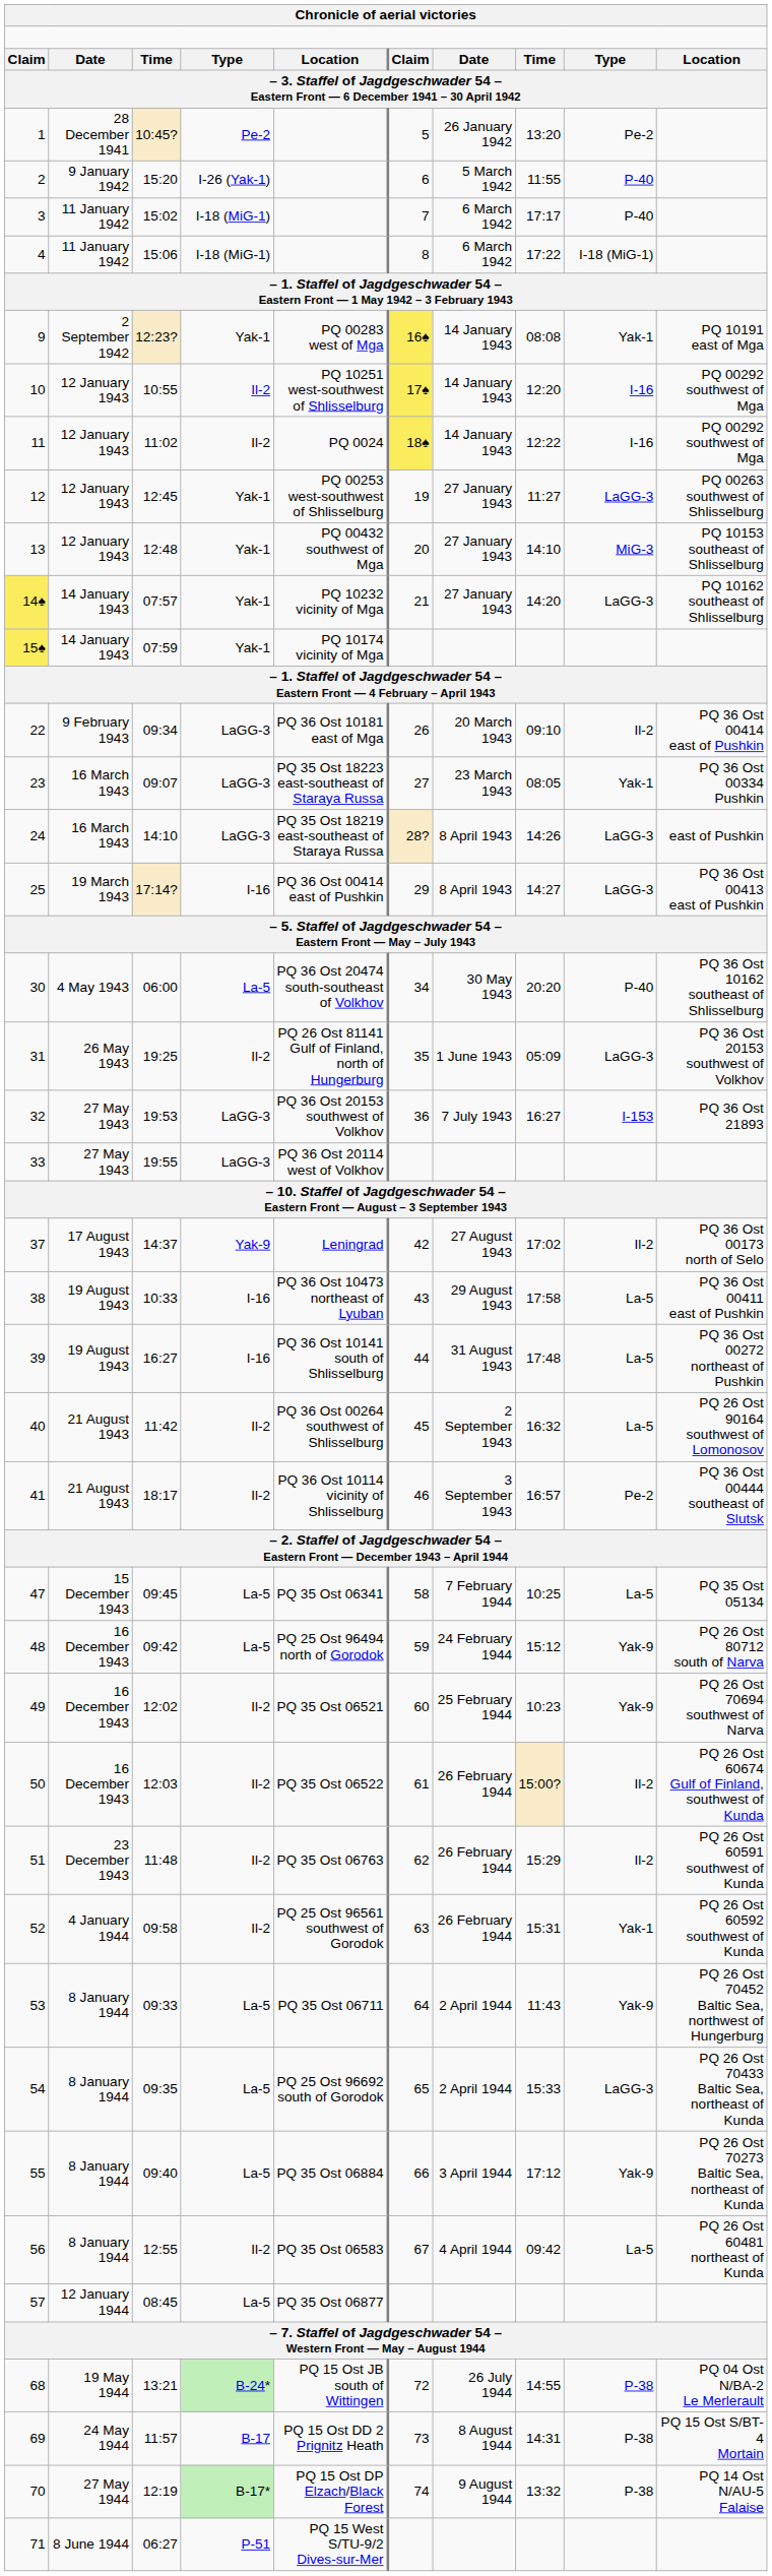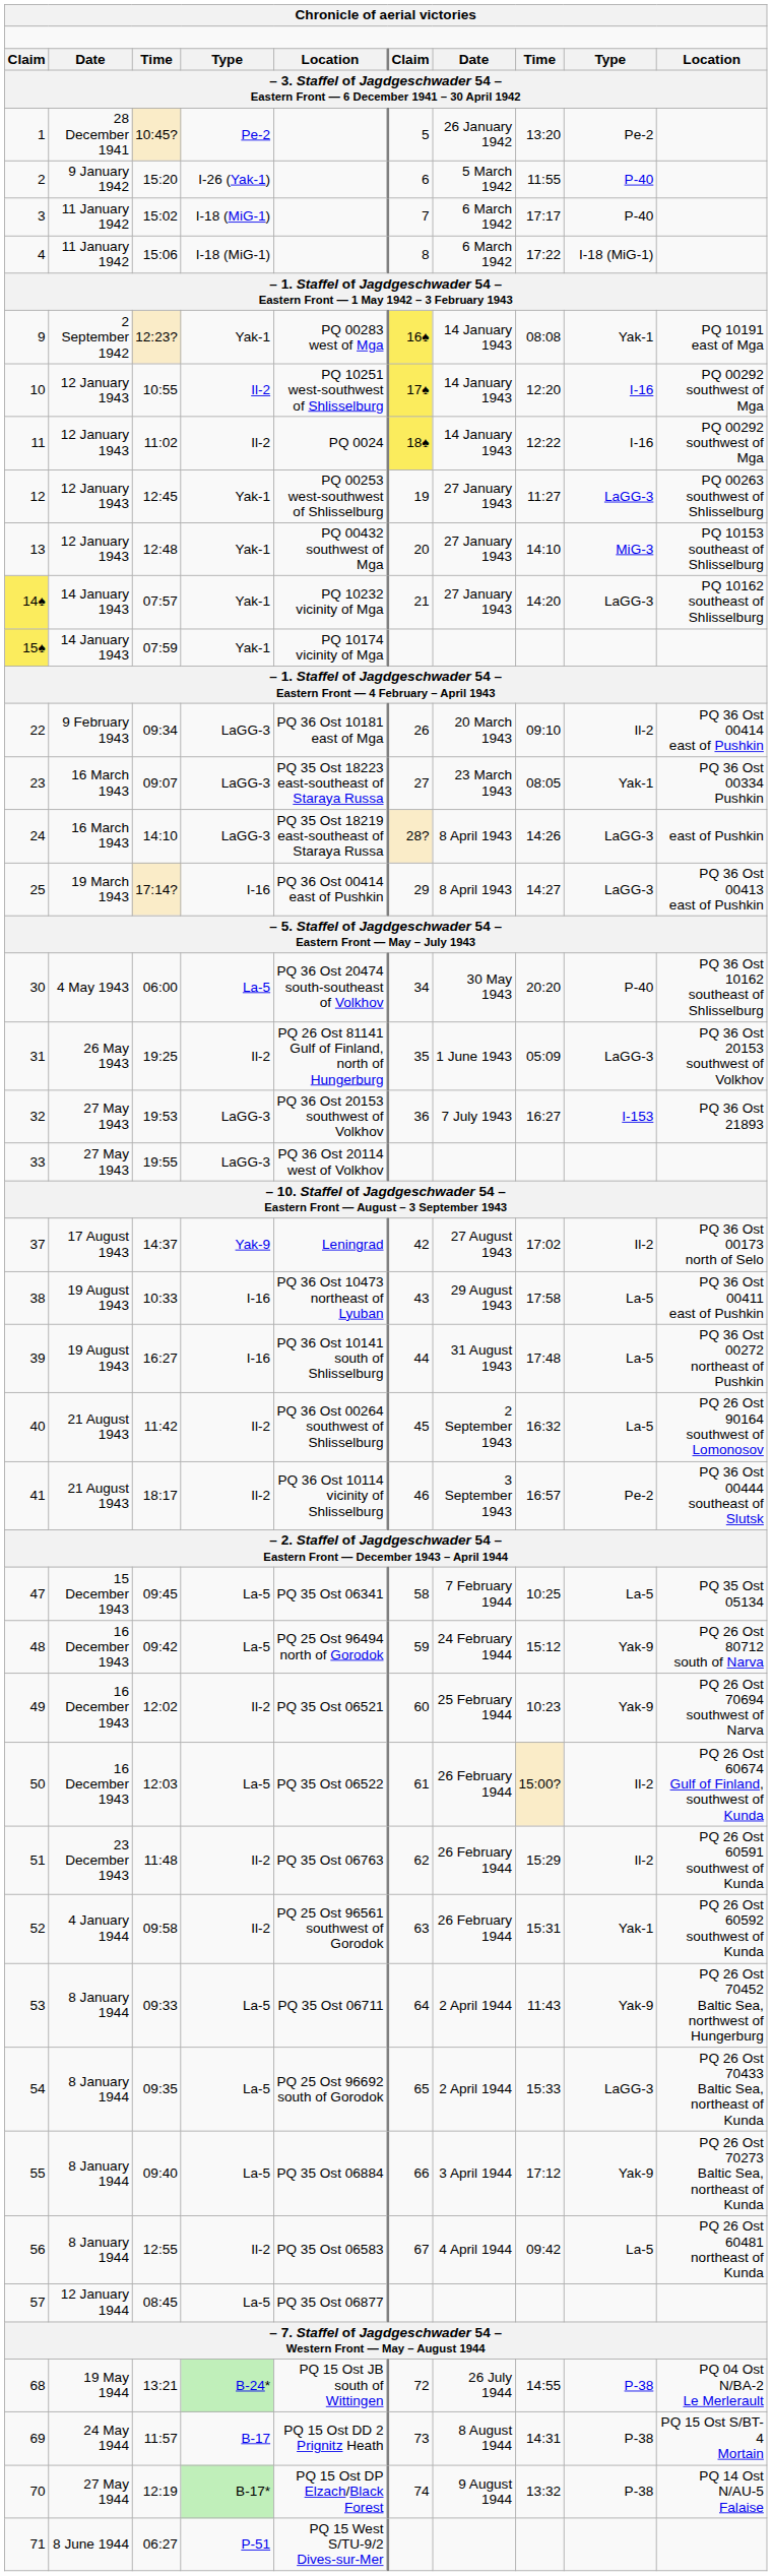 <table class="wikitable plainrowheaders collapsible" style="margin-left: auto; margin-right: auto; border: none; text-align:right; width: 100%;">
 <tr>
 <th colspan="10">Chronicle of aerial victories</th>
 </tr>
 <tr>
 <td colspan="10" style="text-align: left;"><br>  </td>
 </tr>
 <tr>
 <th scope="col">Claim</th>
 <th scope="col">Date</th>
 <th scope="col">Time</th>
 <th scope="col" width="100px">Type</th>
 <th scope="col">Location</th>
 <th scope="col" style="border-left: 3px solid grey;">Claim</th>
 <th scope="col">Date</th>
 <th scope="col">Time</th>
 <th scope="col" width="100px">Type</th>
 <th scope="col">Location</th>
 </tr>
 <tr>
 <th colspan="10">– 3. <em>Staffel</em> of <em>Jagdgeschwader</em> 54 –<br><small>Eastern Front — 6 December 1941 – 30 April 1942</small></th>
 </tr>
 <tr>
 <td>1</td>
 <td>28 December 1941</td>
 <td style="background:#faecc8">10:45?</td>
 <td><a href='#'>Pe-2</a></td>
 <td></td>
 <td style="border-left: 3px solid grey;">5</td>
 <td>26 January 1942</td>
 <td>13:20</td>
 <td>Pe-2</td>
 <td></td>
 </tr>
 <tr>
 <td>2</td>
 <td>9 January 1942</td>
 <td>15:20</td>
 <td>I-26 (<a href='#'>Yak-1</a>)</td>
 <td></td>
 <td style="border-left: 3px solid grey;">6</td>
 <td>5 March 1942</td>
 <td>11:55</td>
 <td><a href='#'>P-40</a></td>
 <td></td>
 </tr>
 <tr>
 <td>3</td>
 <td>11 January 1942</td>
 <td>15:02</td>
 <td>I-18 (<a href='#'>MiG-1</a>)</td>
 <td></td>
 <td style="border-left: 3px solid grey;">7</td>
 <td>6 March 1942</td>
 <td>17:17</td>
 <td>P-40</td>
 <td></td>
 </tr>
 <tr>
 <td>4</td>
 <td>11 January 1942</td>
 <td>15:06</td>
 <td>I-18 (MiG-1)</td>
 <td></td>
 <td style="border-left: 3px solid grey;">8</td>
 <td>6 March 1942</td>
 <td>17:22</td>
 <td>I-18 (MiG-1)</td>
 <td></td>
 </tr>
 <tr>
 <th colspan="10">– 1. <em>Staffel</em> of <em>Jagdgeschwader</em> 54 –<br><small>Eastern Front — 1 May 1942 – 3 February 1943</small></th>
 </tr>
 <tr>
 <td>9</td>
 <td>2 September 1942</td>
 <td style="background:#faecc8">12:23?</td>
 <td>Yak-1</td>
 <td>PQ 00283<br> west of <a href='#'>Mga</a></td>
 <td style="border-left: 3px solid grey; background:#fbec5d;">16♠</td>
 <td>14 January 1943</td>
 <td>08:08</td>
 <td>Yak-1</td>
 <td>PQ 10191<br>east of Mga</td>
 </tr>
 <tr>
 <td>10</td>
 <td>12 January 1943</td>
 <td>10:55</td>
 <td><a href='#'>Il-2</a></td>
 <td>PQ 10251<br> west-southwest of <a href='#'>Shlisselburg</a></td>
 <td style="border-left: 3px solid grey; background:#fbec5d;">17♠</td>
 <td>14 January 1943</td>
 <td>12:20</td>
 <td><a href='#'>I-16</a></td>
 <td>PQ 00292<br> southwest of Mga</td>
 </tr>
 <tr>
 <td>11</td>
 <td>12 January 1943</td>
 <td>11:02</td>
 <td>Il-2</td>
 <td>PQ 0024</td>
 <td style="border-left: 3px solid grey; background:#fbec5d;">18♠</td>
 <td>14 January 1943</td>
 <td>12:22</td>
 <td>I-16</td>
 <td>PQ 00292<br> southwest of Mga</td>
 </tr>
 <tr>
 <td>12</td>
 <td>12 January 1943</td>
 <td>12:45</td>
 <td>Yak-1</td>
 <td>PQ 00253<br> west-southwest of Shlisselburg</td>
 <td style="border-left: 3px solid grey;">19</td>
 <td>27 January 1943</td>
 <td>11:27</td>
 <td><a href='#'>LaGG-3</a></td>
 <td>PQ 00263<br> southwest of Shlisselburg</td>
 </tr>
 <tr>
 <td>13</td>
 <td>12 January 1943</td>
 <td>12:48</td>
 <td>Yak-1</td>
 <td>PQ 00432<br> southwest of Mga</td>
 <td style="border-left: 3px solid grey;">20</td>
 <td>27 January 1943</td>
 <td>14:10</td>
 <td><a href='#'>MiG-3</a></td>
 <td>PQ 10153<br>southeast of Shlisselburg</td>
 </tr>
 <tr>
 <td style="background:#fbec5d;">14♠</td>
 <td>14 January 1943</td>
 <td>07:57</td>
 <td>Yak-1</td>
 <td>PQ 10232<br>vicinity of Mga</td>
 <td style="border-left: 3px solid grey;">21</td>
 <td>27 January 1943</td>
 <td>14:20</td>
 <td>LaGG-3</td>
 <td>PQ 10162<br>southeast of Shlisselburg</td>
 </tr>
 <tr>
 <td style="background:#fbec5d;">15♠</td>
 <td>14 January 1943</td>
 <td>07:59</td>
 <td>Yak-1</td>
 <td>PQ 10174<br>vicinity of Mga</td>
 <td style="border-left: 3px solid grey;"></td>
 <td></td>
 <td></td>
 <td></td>
 <td></td>
 </tr>
 <tr>
 <th colspan="10">– 1. <em>Staffel</em> of <em>Jagdgeschwader</em> 54 –<br><small>Eastern Front — 4 February – April 1943</small></th>
 </tr>
 <tr>
 <td>22</td>
 <td>9 February 1943</td>
 <td>09:34</td>
 <td>LaGG-3</td>
 <td>PQ 36 Ost 10181<br>east of Mga</td>
 <td style="border-left: 3px solid grey;">26</td>
 <td>20 March 1943</td>
 <td>09:10</td>
 <td>Il-2</td>
 <td>PQ 36 Ost 00414<br> east of <a href='#'>Pushkin</a></td>
 </tr>
 <tr>
 <td>23</td>
 <td>16 March 1943</td>
 <td>09:07</td>
 <td>LaGG-3</td>
 <td>PQ 35 Ost 18223<br> east-southeast of <a href='#'>Staraya Russa</a></td>
 <td style="border-left: 3px solid grey;">27</td>
 <td>23 March 1943</td>
 <td>08:05</td>
 <td>Yak-1</td>
 <td>PQ 36 Ost 00334<br>Pushkin</td>
 </tr>
 <tr>
 <td>24</td>
 <td>16 March 1943</td>
 <td>14:10</td>
 <td>LaGG-3</td>
 <td>PQ 35 Ost 18219<br> east-southeast of Staraya Russa</td>
 <td style="border-left: 3px solid grey; background:#faecc8">28?</td>
 <td>8 April 1943</td>
 <td>14:26</td>
 <td>LaGG-3</td>
 <td> east of Pushkin</td>
 </tr>
 <tr>
 <td>25</td>
 <td>19 March 1943</td>
 <td style="background:#faecc8">17:14?</td>
 <td>I-16</td>
 <td>PQ 36 Ost 00414<br> east of Pushkin</td>
 <td style="border-left: 3px solid grey;">29</td>
 <td>8 April 1943</td>
 <td>14:27</td>
 <td>LaGG-3</td>
 <td>PQ 36 Ost 00413<br> east of Pushkin</td>
 </tr>
 <tr>
 <th colspan="14">– 5. <em>Staffel</em> of <em>Jagdgeschwader</em> 54 –<br><small>Eastern Front — May – July 1943</small></th>
 </tr>
 <tr>
 <td>30</td>
 <td>4 May 1943</td>
 <td>06:00</td>
 <td><a href='#'>La-5</a></td>
 <td>PQ 36 Ost 20474<br> south-southeast of <a href='#'>Volkhov</a></td>
 <td style="border-left: 3px solid grey;">34</td>
 <td>30 May 1943</td>
 <td>20:20</td>
 <td>P-40</td>
 <td>PQ 36 Ost 10162<br>southeast of Shlisselburg</td>
 </tr>
 <tr>
 <td>31</td>
 <td>26 May 1943</td>
 <td>19:25</td>
 <td>Il-2</td>
 <td>PQ 26 Ost 81141<br>Gulf of Finland, north of <a href='#'>Hungerburg</a></td>
 <td style="border-left: 3px solid grey;">35</td>
 <td>1 June 1943</td>
 <td>05:09</td>
 <td>LaGG-3</td>
 <td>PQ 36 Ost 20153<br>southwest of Volkhov</td>
 </tr>
 <tr>
 <td>32</td>
 <td>27 May 1943</td>
 <td>19:53</td>
 <td>LaGG-3</td>
 <td>PQ 36 Ost 20153<br>southwest of Volkhov</td>
 <td style="border-left: 3px solid grey;">36</td>
 <td>7 July 1943</td>
 <td>16:27</td>
 <td><a href='#'>I-153</a></td>
 <td>PQ 36 Ost 21893</td>
 </tr>
 <tr>
 <td>33</td>
 <td>27 May 1943</td>
 <td>19:55</td>
 <td>LaGG-3</td>
 <td>PQ 36 Ost 20114<br>west of Volkhov</td>
 <td style="border-left: 3px solid grey;"></td>
 <td></td>
 <td></td>
 <td></td>
 <td></td>
 </tr>
 <tr>
 <th colspan="10">– 10. <em>Staffel</em> of <em>Jagdgeschwader</em> 54 –<br><small>Eastern Front — August – 3 September 1943</small></th>
 </tr>
 <tr>
 <td>37</td>
 <td>17 August 1943</td>
 <td>14:37</td>
 <td><a href='#'>Yak-9</a></td>
 <td><a href='#'>Leningrad</a></td>
 <td style="border-left: 3px solid grey;">42</td>
 <td>27 August 1943</td>
 <td>17:02</td>
 <td>Il-2</td>
 <td>PQ 36 Ost 00173<br> north of Selo</td>
 </tr>
 <tr>
 <td>38</td>
 <td>19 August 1943</td>
 <td>10:33</td>
 <td>I-16</td>
 <td>PQ 36 Ost 10473<br> northeast of <a href='#'>Lyuban</a></td>
 <td style="border-left: 3px solid grey;">43</td>
 <td>29 August 1943</td>
 <td>17:58</td>
 <td>La-5</td>
 <td>PQ 36 Ost 00411<br> east of Pushkin</td>
 </tr>
 <tr>
 <td>39</td>
 <td>19 August 1943</td>
 <td>16:27</td>
 <td>I-16</td>
 <td>PQ 36 Ost 10141<br>south of Shlisselburg</td>
 <td style="border-left: 3px solid grey;">44</td>
 <td>31 August 1943</td>
 <td>17:48</td>
 <td>La-5</td>
 <td>PQ 36 Ost 00272<br> northeast of Pushkin</td>
 </tr>
 <tr>
 <td>40</td>
 <td>21 August 1943</td>
 <td>11:42</td>
 <td>Il-2</td>
 <td>PQ 36 Ost 00264<br> southwest of Shlisselburg</td>
 <td style="border-left: 3px solid grey;">45</td>
 <td>2 September 1943</td>
 <td>16:32</td>
 <td>La-5</td>
 <td>PQ 26 Ost 90164<br> southwest of <a href='#'>Lomonosov</a></td>
 </tr>
 <tr>
 <td>41</td>
 <td>21 August 1943</td>
 <td>18:17</td>
 <td>Il-2</td>
 <td>PQ 36 Ost 10114<br>vicinity of Shlisselburg</td>
 <td style="border-left: 3px solid grey;">46</td>
 <td>3 September 1943</td>
 <td>16:57</td>
 <td>Pe-2</td>
 <td>PQ 36 Ost 00444<br> southeast of <a href='#'>Slutsk</a></td>
 </tr>
 <tr>
 <th colspan="10">– 2. <em>Staffel</em> of <em>Jagdgeschwader</em> 54 –<br><small>Eastern Front — December 1943 – April 1944</small></th>
 </tr>
 <tr>
 <td>47</td>
 <td>15 December 1943</td>
 <td>09:45</td>
 <td>La-5</td>
 <td>PQ 35 Ost 06341</td>
 <td style="border-left: 3px solid grey;">58</td>
 <td>7 February 1944</td>
 <td>10:25</td>
 <td>La-5</td>
 <td>PQ 35 Ost 05134</td>
 </tr>
 <tr>
 <td>48</td>
 <td>16 December 1943</td>
 <td>09:42</td>
 <td>La-5</td>
 <td>PQ 25 Ost 96494<br>north of <a href='#'>Gorodok</a></td>
 <td style="border-left: 3px solid grey;">59</td>
 <td>24 February 1944</td>
 <td>15:12</td>
 <td>Yak-9</td>
 <td>PQ 26 Ost 80712<br> south of <a href='#'>Narva</a></td>
 </tr>
 <tr>
 <td>49</td>
 <td>16 December 1943</td>
 <td>12:02</td>
 <td>Il-2</td>
 <td>PQ 35 Ost 06521</td>
 <td style="border-left: 3px solid grey;">60</td>
 <td>25 February 1944</td>
 <td>10:23</td>
 <td>Yak-9</td>
 <td>PQ 26 Ost 70694<br> southwest of Narva</td>
 </tr>
 <tr>
 <td>50</td>
 <td>16 December 1943</td>
 <td>12:03</td>
-<td>Il-2</td>
+<td>La-5</td>
 <td>PQ 35 Ost 06522</td>
 <td style="border-left: 3px solid grey;">61</td>
 <td>26 February 1944</td>
 <td style="background:#faecc8">15:00?</td>
 <td>Il-2</td>
 <td>PQ 26 Ost 60674<br><a href='#'>Gulf of Finland</a>, southwest of <a href='#'>Kunda</a></td>
 </tr>
 <tr>
 <td>51</td>
 <td>23 December 1943</td>
 <td>11:48</td>
 <td>Il-2</td>
 <td>PQ 35 Ost 06763</td>
 <td style="border-left: 3px solid grey;">62</td>
 <td>26 February 1944</td>
 <td>15:29</td>
 <td>Il-2</td>
 <td>PQ 26 Ost 60591<br>southwest of Kunda</td>
 </tr>
 <tr>
 <td>52</td>
 <td>4 January 1944</td>
 <td>09:58</td>
 <td>Il-2</td>
 <td>PQ 25 Ost 96561<br> southwest of Gorodok</td>
 <td style="border-left: 3px solid grey;">63</td>
 <td>26 February 1944</td>
 <td>15:31</td>
 <td>Yak-1</td>
 <td>PQ 26 Ost 60592<br>southwest of Kunda</td>
 </tr>
 <tr>
 <td>53</td>
 <td>8 January 1944</td>
 <td>09:33</td>
 <td>La-5</td>
 <td>PQ 35 Ost 06711</td>
 <td style="border-left: 3px solid grey;">64</td>
 <td>2 April 1944</td>
 <td>11:43</td>
 <td>Yak-9</td>
 <td>PQ 26 Ost 70452<br>Baltic Sea, northwest of Hungerburg</td>
 </tr>
 <tr>
 <td>54</td>
 <td>8 January 1944</td>
 <td>09:35</td>
 <td>La-5</td>
 <td>PQ 25 Ost 96692<br> south of Gorodok</td>
 <td style="border-left: 3px solid grey;">65</td>
 <td>2 April 1944</td>
 <td>15:33</td>
 <td>LaGG-3</td>
 <td>PQ 26 Ost 70433<br>Baltic Sea,  northeast of Kunda</td>
 </tr>
 <tr>
 <td>55</td>
 <td>8 January 1944</td>
 <td>09:40</td>
 <td>La-5</td>
 <td>PQ 35 Ost 06884</td>
 <td style="border-left: 3px solid grey;">66</td>
 <td>3 April 1944</td>
 <td>17:12</td>
 <td>Yak-9</td>
 <td>PQ 26 Ost 70273<br>Baltic Sea,  northeast of Kunda</td>
 </tr>
 <tr>
 <td>56</td>
 <td>8 January 1944</td>
 <td>12:55</td>
 <td>Il-2</td>
 <td>PQ 35 Ost 06583</td>
 <td style="border-left: 3px solid grey;">67</td>
 <td>4 April 1944</td>
 <td>09:42</td>
 <td>La-5</td>
 <td>PQ 26 Ost 60481<br>northeast of Kunda</td>
 </tr>
 <tr>
 <td>57</td>
 <td>12 January 1944</td>
 <td>08:45</td>
 <td>La-5</td>
 <td>PQ 35 Ost 06877</td>
 <td style="border-left: 3px solid grey;"></td>
 <td></td>
 <td></td>
 <td></td>
 <td></td>
 </tr>
 <tr>
 <th colspan="10">– 7. <em>Staffel</em> of <em>Jagdgeschwader</em> 54 –<br><small>Western Front — May – August 1944</small></th>
 </tr>
 <tr>
 <td>68</td>
 <td>19 May 1944</td>
 <td>13:21</td>
 <td style="background:#C0EFBA"><a href='#'>B-24</a>*</td>
 <td>PQ 15 Ost JB<br>south of <a href='#'>Wittingen</a></td>
 <td style="border-left: 3px solid grey;">72</td>
 <td>26 July 1944</td>
 <td>14:55</td>
 <td><a href='#'>P-38</a></td>
 <td>PQ 04 Ost N/BA-2<br><a href='#'>Le Merlerault</a></td>
 </tr>
 <tr>
 <td>69</td>
 <td>24 May 1944</td>
 <td>11:57</td>
 <td><a href='#'>B-17</a></td>
 <td>PQ 15 Ost DD 2<br><a href='#'>Prignitz</a> Heath</td>
 <td style="border-left: 3px solid grey;">73</td>
 <td>8 August 1944</td>
 <td>14:31</td>
 <td>P-38</td>
 <td>PQ 15 Ost S/BT-4<br><a href='#'>Mortain</a></td>
 </tr>
 <tr>
 <td>70</td>
 <td>27 May 1944</td>
 <td>12:19</td>
 <td style="background:#C0EFBA">B-17*</td>
 <td>PQ 15 Ost DP<br><a href='#'>Elzach</a>/<a href='#'>Black Forest</a></td>
 <td style="border-left: 3px solid grey;">74</td>
 <td>9 August 1944</td>
 <td>13:32</td>
 <td>P-38</td>
 <td>PQ 14 Ost N/AU-5<br><a href='#'>Falaise</a></td>
 </tr>
 <tr>
 <td>71</td>
 <td>8 June 1944</td>
 <td>06:27</td>
 <td><a href='#'>P-51</a></td>
 <td>PQ 15 West S/TU-9/2<br><a href='#'>Dives-sur-Mer</a></td>
 <td style="border-left: 3px solid grey;"></td>
 <td></td>
 <td></td>
 <td></td>
 <td></td>
 </tr>
 </table>
